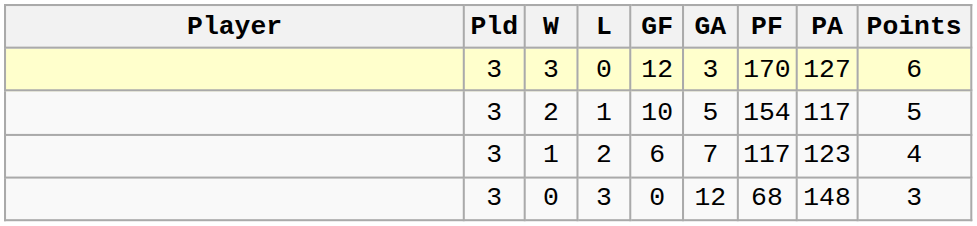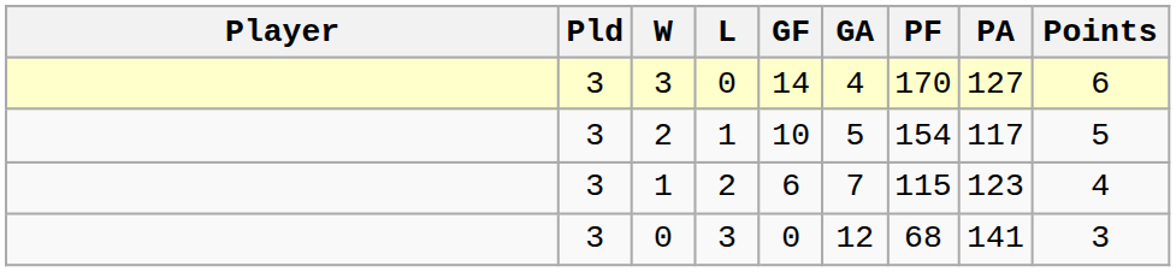 <table class=wikitable style="text-align:center;">
 <tr>
 <th width=220>Player</th>
 <th width=20>Pld</th>
 <th width=20>W</th>
 <th width=20>L</th>
 <th width=20>GF</th>
 <th width=20>GA</th>
 <th width=20>PF</th>
 <th width=20>PA</th>
 <th width=50>Points</th>
 </tr>
 <tr bgcolor=#ffffcc>
 <td style="text-align:left;"></td>
 <td>3</td>
 <td>3</td>
 <td>0</td>
-<td>12</td>
-<td>3</td>
+<td>14</td>
+<td>4</td>
 <td>170</td>
 <td>127</td>
 <td>6</td>
 </tr>
 <tr>
 <td style="text-align:left;"></td>
 <td>3</td>
 <td>2</td>
 <td>1</td>
 <td>10</td>
 <td>5</td>
 <td>154</td>
 <td>117</td>
 <td>5</td>
 </tr>
 <tr>
 <td style="text-align:left;"></td>
 <td>3</td>
 <td>1</td>
 <td>2</td>
 <td>6</td>
 <td>7</td>
-<td>117</td>
+<td>115</td>
 <td>123</td>
 <td>4</td>
 </tr>
 <tr>
 <td style="text-align:left;"></td>
 <td>3</td>
 <td>0</td>
 <td>3</td>
 <td>0</td>
 <td>12</td>
 <td>68</td>
-<td>148</td>
+<td>141</td>
 <td>3</td>
 </tr>
 </table>
